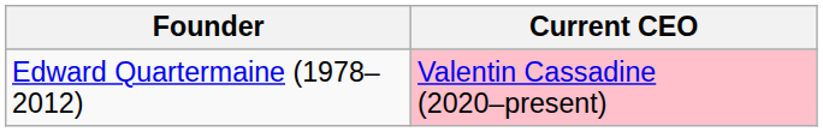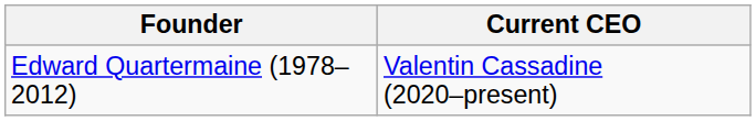 <table class="wikitable">
 <tr>
 <th scope="col" style="width: 225px;">Founder</th>
 <th scope="col" style="width: 225px;">Current CEO</th>
 </tr>
 <tr>
 <td><a href='#'>Edward Quartermaine</a> (1978–2012) <br> </td>
-<td style="background: pink;"><a href='#'>Valentin Cassadine</a> <br> (2020–present)</td>
+<td><a href='#'>Valentin Cassadine</a> <br> (2020–present)</td>
 </tr>
 </table>
